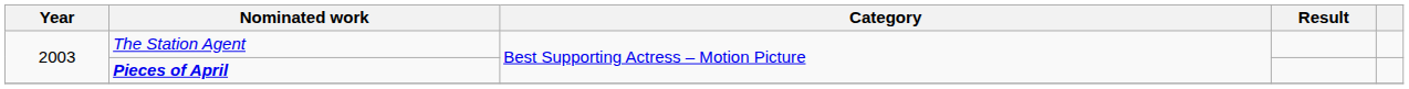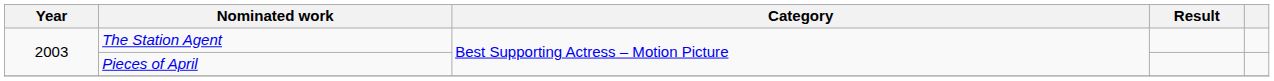 <table class="wikitable" style="width:85%;">
 <tr>
 <th scope="col" style="width:5em;">Year</th>
 <th scope="col" style="width:20em;">Nominated work</th>
 <th scope="col" style="width:40em;">Category</th>
 <th scope="col" style="width:5em;">Result</th>
 <th class="unsortable" style="width:1em;"></th>
 </tr>
 <tr>
 <td style="text-align:center;" rowspan="2">2003</td>
 <td><em><a href='#'>The Station Agent</a></em></td>
 <td rowspan="2"><a href='#'>Best Supporting Actress – Motion Picture</a></td>
 <td></td>
 <td align="center"></td>
 </tr>
 <tr>
-<td><strong><em><a href='#'>Pieces of April</a></em></strong></td>
+<td><em><a href='#'>Pieces of April</a></em></td>
 <td></td>
 <td align="center"></td>
 </tr>
 <tr>
 </tr>
 </table>
